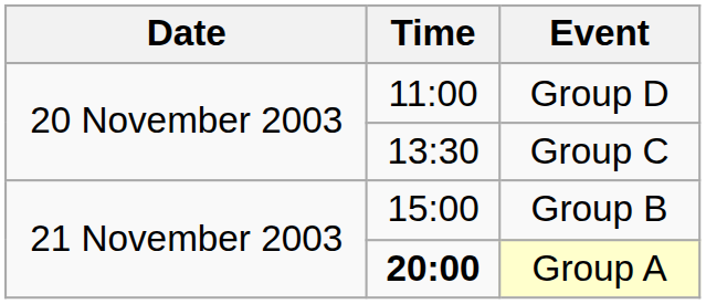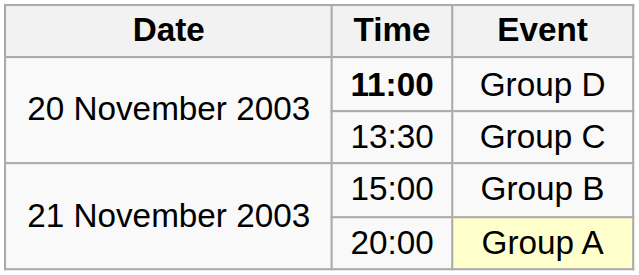 <table class = "wikitable" style="text-align:center;">
 <tr>
 <th width=150>Date</th>
 <th width=50>Time</th>
 <th width=80>Event</th>
 </tr>
 <tr>
 <td rowspan=2>20 November 2003</td>
-<td>11:00</td>
+<td><strong>11:00</strong></td>
 <td>Group D</td>
 </tr>
 <tr>
 <td>13:30</td>
 <td>Group C</td>
 </tr>
 <tr>
 <td rowspan=2>21 November 2003</td>
 <td>15:00</td>
 <td>Group B</td>
 </tr>
 <tr>
-<td><strong>20:00</strong></td>
+<td>20:00</td>
 <td bgcolor=ffffcc>Group A</td>
 </tr>
 </table>
